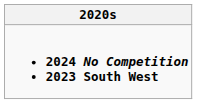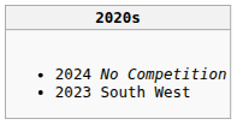 <table class="wikitable">
 <tr>
 <th>2020s</th>
 </tr>
 <tr>
-<td><strong><br><ul><li>2024	<em>No Competition</em></li><li>2023	South West</li></ul></strong></td>
+<td><br><ul><li>2024	<em>No Competition</em></li><li>2023	South West</li></ul></td>
 </tr>
 </table>
